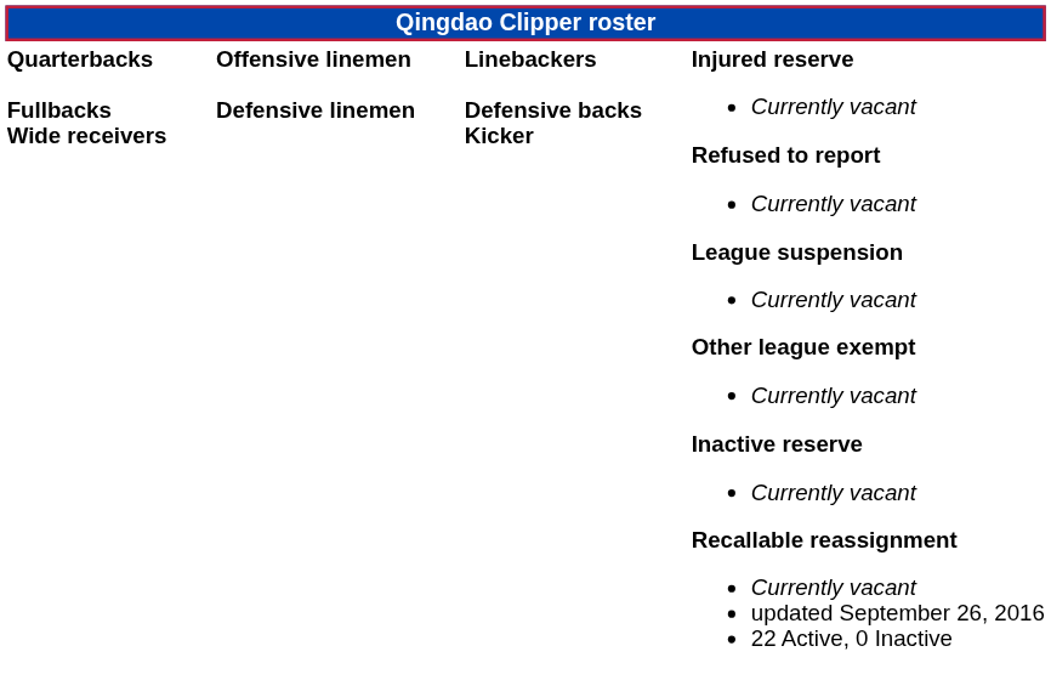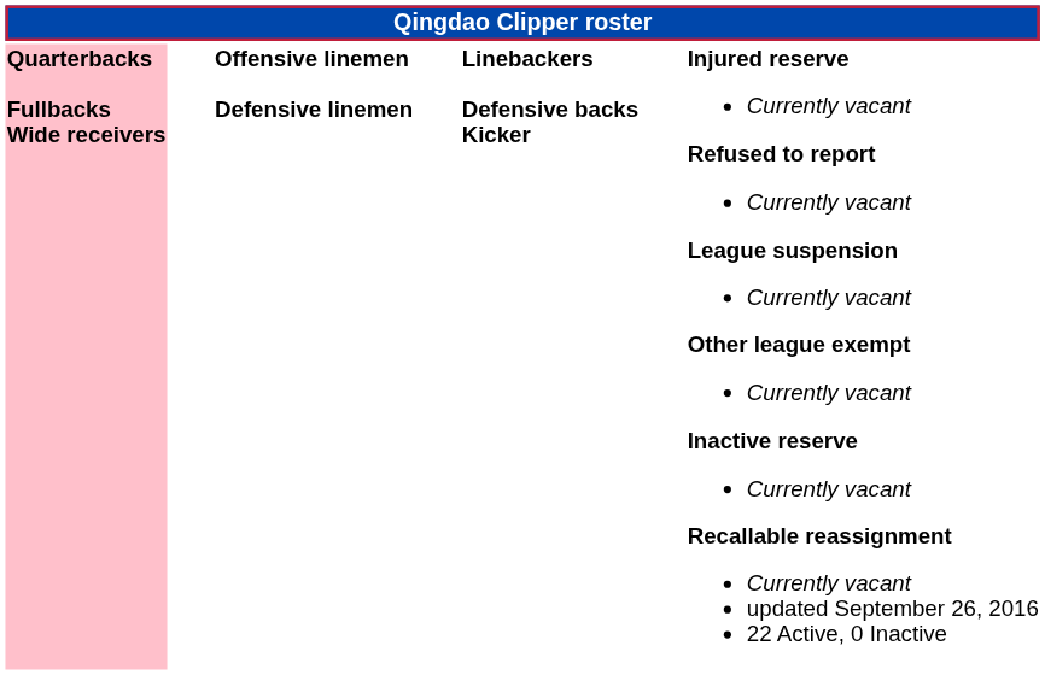 <table class="toccolours" style="text-align: left;">
 <tr>
 <th colspan="7" style="background-color:#0047AB; border: 2px solid #C41E3A; color:white; text-align:center;">Qingdao Clipper roster</th>
 </tr>
 <tr>
-<td style="font-size: 95%;vertical-align:top;"><strong>Quarterbacks</strong><br> <br><strong>Fullbacks</strong> <br><strong>Wide receivers</strong>     </td>
+<td style="background: pink; font-size: 95%;vertical-align:top;"><strong>Quarterbacks</strong><br> <br><strong>Fullbacks</strong> <br><strong>Wide receivers</strong>     </td>
 <td style="width: 25px;"></td>
 <td style="font-size: 95%;vertical-align:top;"><strong>Offensive linemen</strong><br>   <br><strong>Defensive linemen</strong>  </td>
 <td style="width: 25px;"></td>
 <td style="font-size: 95%;vertical-align:top;"><strong>Linebackers</strong><br>  <br><strong>Defensive backs</strong>   <br><strong>Kicker</strong> </td>
 <td style="width: 25px;"></td>
 <td style="font-size: 95%;vertical-align:top;"><strong>Injured reserve</strong><br><ul><li><em>Currently vacant</em></li></ul><strong>Refused to report</strong><ul><li><em>Currently vacant</em></li></ul><strong>League suspension</strong><ul><li><em>Currently vacant</em></li></ul><strong>Other league exempt</strong><ul><li><em>Currently vacant</em></li></ul><strong>Inactive reserve</strong><ul><li><em>Currently vacant</em></li></ul><strong>Recallable reassignment</strong><ul><li><em>Currently vacant</em></li><li> updated September 26, 2016<br></li><li>22 Active, 0 Inactive</li></ul></td>
 </tr>
 <tr>
 </tr>
 </table>
